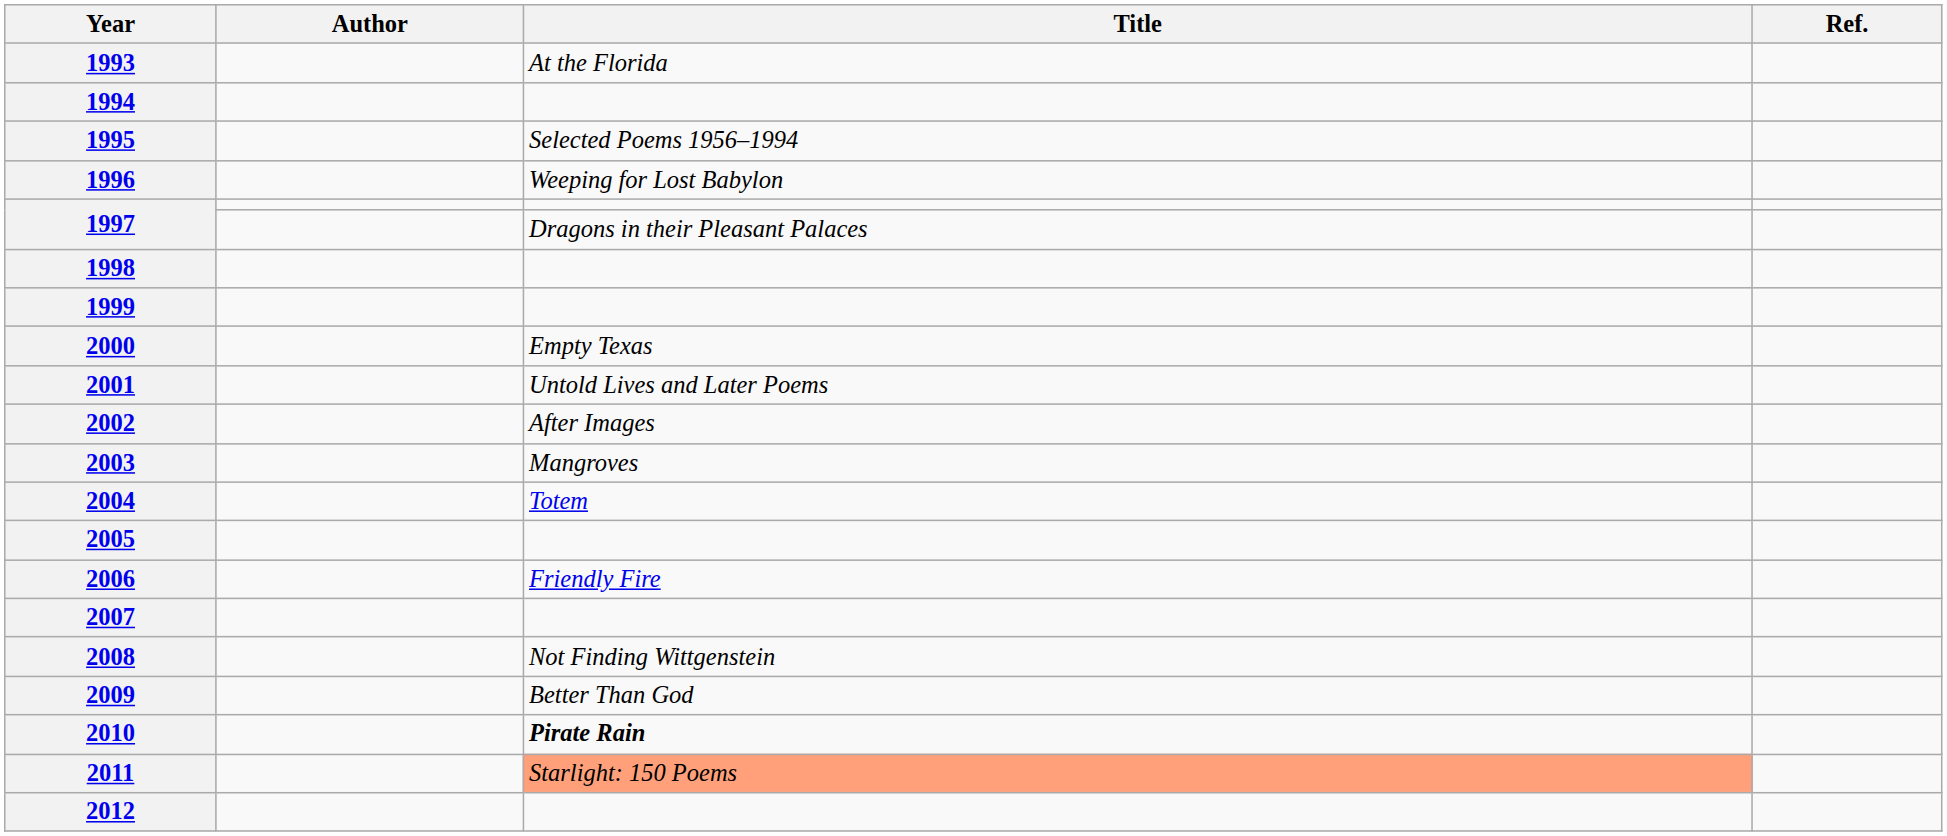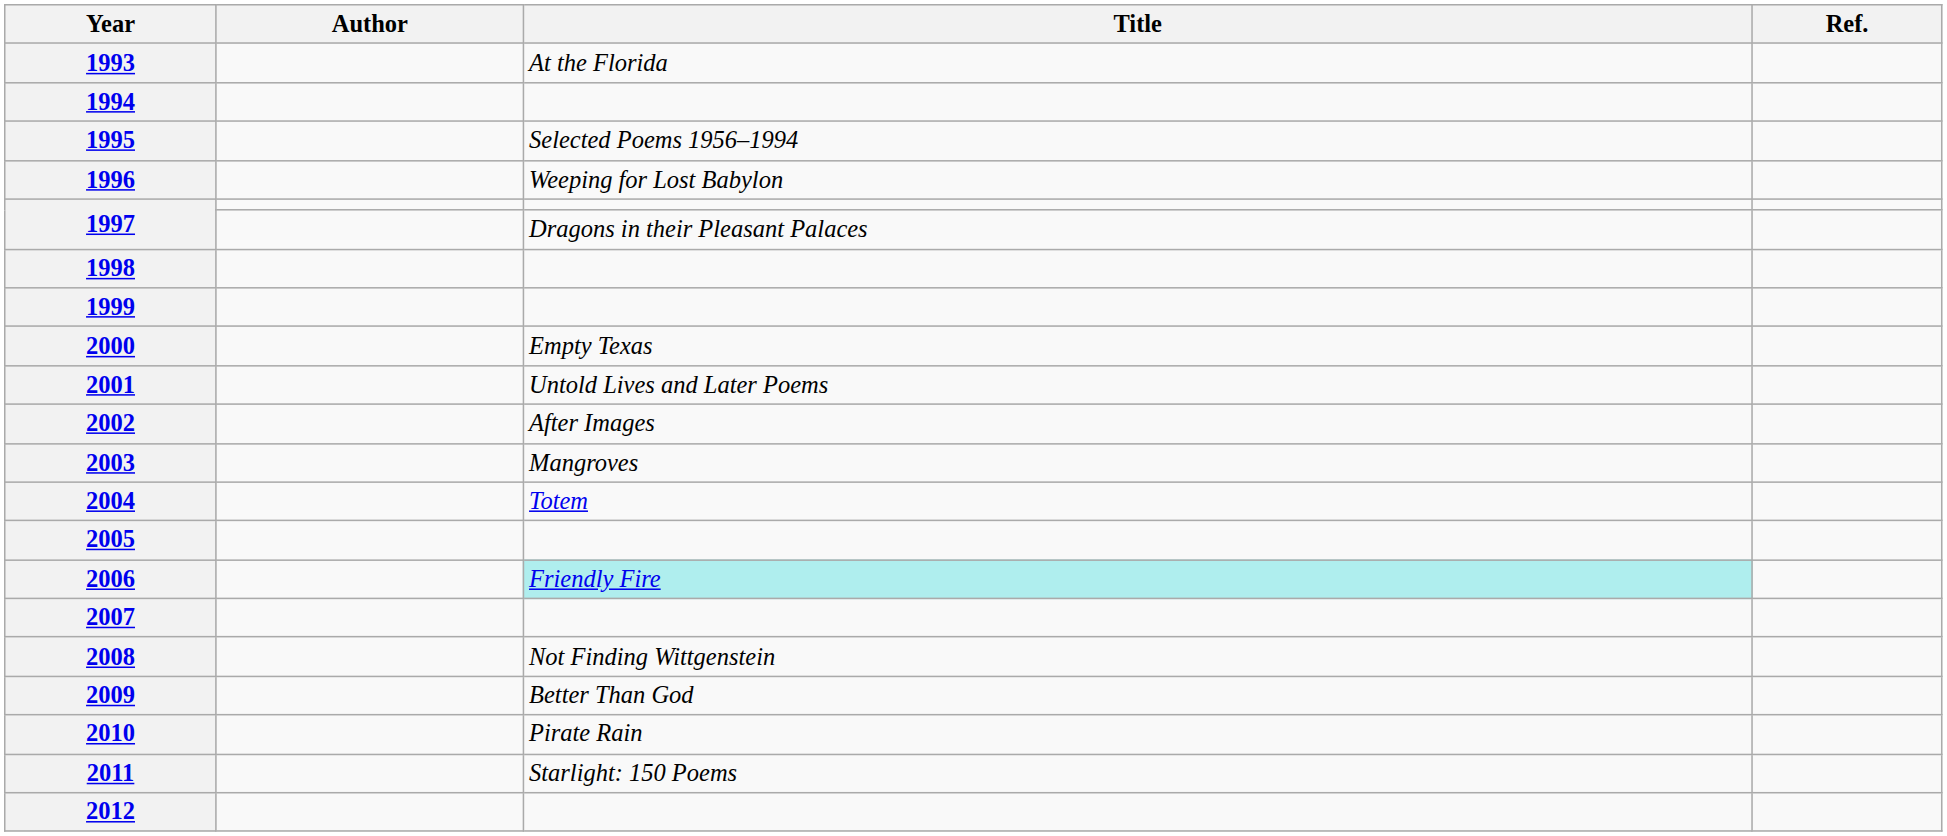 <table class="wikitable sortable mw-collapsible" width="80%">
 <tr>
 <th>Year</th>
 <th>Author</th>
 <th>Title</th>
 <th>Ref.</th>
 </tr>
 <tr>
 <th><a href='#'>1993</a></th>
 <td></td>
 <td><em>At the Florida</em></td>
 <td></td>
 </tr>
 <tr>
 <th><a href='#'>1994</a></th>
 <td></td>
 <td><em></em></td>
 <td></td>
 </tr>
 <tr>
 <th><a href='#'>1995</a></th>
 <td></td>
 <td><em>Selected Poems 1956–1994</em></td>
 <td></td>
 </tr>
 <tr>
 <th><a href='#'>1996</a></th>
 <td></td>
 <td><em>Weeping for Lost Babylon</em></td>
 <td></td>
 </tr>
 <tr>
 <th rowspan="2"><a href='#'>1997</a></th>
 <td></td>
 <td><em></em></td>
 <td></td>
 </tr>
 <tr>
 <td></td>
 <td><em>Dragons in their Pleasant Palaces</em></td>
 <td></td>
 </tr>
 <tr>
 <th><a href='#'>1998</a></th>
 <td></td>
 <td><em></em></td>
 <td></td>
 </tr>
 <tr>
 <th><a href='#'>1999</a></th>
 <td></td>
 <td><em></em></td>
 <td></td>
 </tr>
 <tr>
 <th><a href='#'>2000</a></th>
 <td></td>
 <td><em>Empty Texas</em></td>
 <td></td>
 </tr>
 <tr>
 <th><a href='#'>2001</a></th>
 <td></td>
 <td><em>Untold Lives and Later Poems</em></td>
 <td></td>
 </tr>
 <tr>
 <th><a href='#'>2002</a></th>
 <td></td>
 <td><em>After Images</em></td>
 <td></td>
 </tr>
 <tr>
 <th><a href='#'>2003</a></th>
 <td></td>
 <td><em>Mangroves</em></td>
 <td></td>
 </tr>
 <tr>
 <th><a href='#'>2004</a></th>
 <td></td>
 <td><em><a href='#'>Totem</a></em></td>
 <td></td>
 </tr>
 <tr>
 <th><a href='#'>2005</a></th>
 <td></td>
 <td><em></em></td>
 <td></td>
 </tr>
 <tr>
 <th><a href='#'>2006</a></th>
 <td></td>
-<td><em><a href='#'>Friendly Fire</a></em></td>
+<td style="background: paleturquoise;"><em><a href='#'>Friendly Fire</a></em></td>
 <td></td>
 </tr>
 <tr>
 <th><a href='#'>2007</a></th>
 <td></td>
 <td><em></em></td>
 <td></td>
 </tr>
 <tr>
 <th><a href='#'>2008</a></th>
 <td></td>
 <td><em>Not Finding Wittgenstein</em></td>
 <td></td>
 </tr>
 <tr>
 <th><a href='#'>2009</a></th>
 <td></td>
 <td><em>Better Than God</em></td>
 <td></td>
 </tr>
 <tr>
 <th><a href='#'>2010</a></th>
 <td></td>
-<td><strong><em>Pirate Rain</em></strong></td>
+<td><em>Pirate Rain</em></td>
 <td></td>
 </tr>
 <tr>
 <th><a href='#'>2011</a></th>
 <td></td>
-<td style="background: lightsalmon;"><em>Starlight: 150 Poems</em></td>
+<td><em>Starlight: 150 Poems</em></td>
 <td></td>
 </tr>
 <tr>
 <th><a href='#'>2012</a></th>
 <td></td>
 <td><em></em></td>
 <td></td>
 </tr>
 </table>
